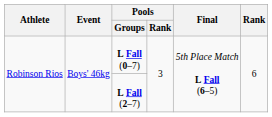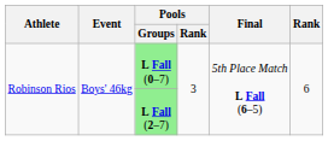 <table class="wikitable" style="text-align:left; font-size:90%">
 <tr>
 <th rowspan="2">Athlete</th>
 <th rowspan="2">Event</th>
 <th colspan="2">Pools</th>
 <th rowspan="2">Final</th>
 <th rowspan="2">Rank</th>
 </tr>
 <tr>
 <th>Groups</th>
 <th>Rank</th>
 </tr>
 <tr>
 <td rowspan="2"><a href='#'>Robinson Rios</a></td>
 <td rowspan="2"><a href='#'>Boys' 46kg</a></td>
-<td align=center><br><strong>L</strong> <strong><a href='#'>Fall</a></strong><br>(<strong>0</strong>–7)</td>
+<td align=center style="background: lightgreen;"><br><strong>L</strong> <strong><a href='#'>Fall</a></strong><br>(<strong>0</strong>–7)</td>
 <td rowspan="2" style="text-align:center;">3</td>
 <td style="text-align:center;" rowspan="2"><em>5th Place Match</em><br><br><strong>L</strong> <strong><a href='#'>Fall</a></strong><br>(<strong>6</strong>–5)</td>
 <td rowspan="3" style="text-align:center;">6</td>
 </tr>
 <tr>
-<td align=center><br><strong>L</strong> <strong><a href='#'>Fall</a></strong><br>(<strong>2</strong>–7)</td>
+<td align=center style="background: lightgreen;"><br><strong>L</strong> <strong><a href='#'>Fall</a></strong><br>(<strong>2</strong>–7)</td>
 </tr>
 </table>
